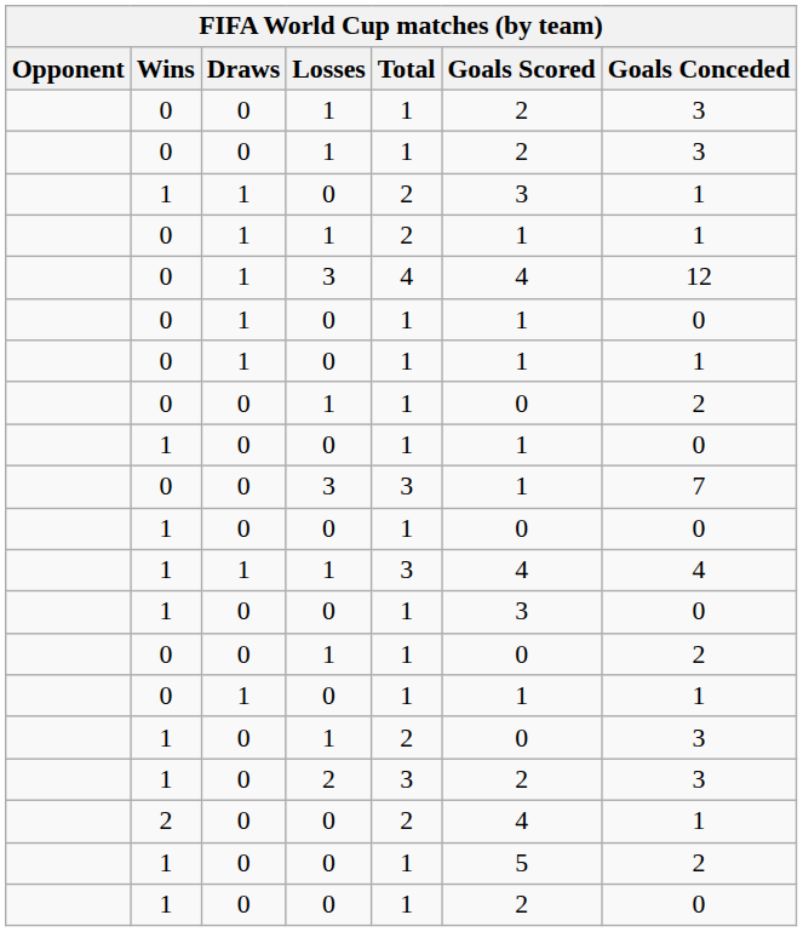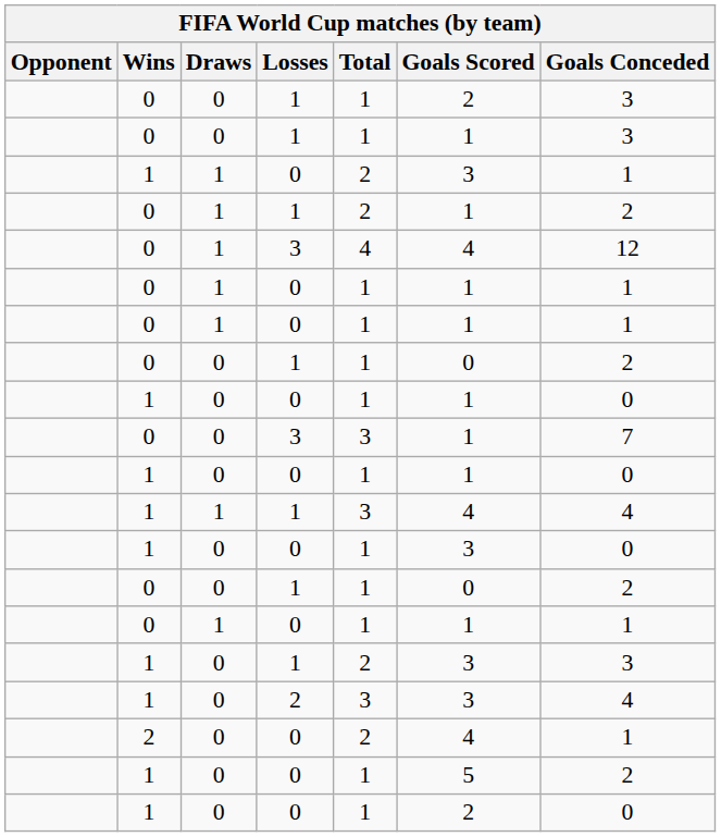 <table class="wikitable sortable" style="text-align: center;">
 <tr>
 <th colspan=7>FIFA World Cup matches (by team)</th>
 </tr>
 <tr>
 <th>Opponent</th>
 <th>Wins</th>
 <th>Draws</th>
 <th>Losses</th>
 <th>Total</th>
 <th>Goals Scored</th>
 <th>Goals Conceded</th>
 </tr>
 <tr>
 <td align="left"></td>
 <td>0</td>
 <td>0</td>
 <td>1</td>
 <td>1</td>
 <td>2</td>
 <td>3</td>
 </tr>
 <tr>
 <td align="left"></td>
 <td>0</td>
 <td>0</td>
 <td>1</td>
 <td>1</td>
-<td>2</td>
+<td>1</td>
 <td>3</td>
 </tr>
 <tr>
 <td align="left"></td>
 <td>1</td>
 <td>1</td>
 <td>0</td>
 <td>2</td>
 <td>3</td>
 <td>1</td>
 </tr>
 <tr>
 <td align="left"></td>
 <td>0</td>
 <td>1</td>
 <td>1</td>
 <td>2</td>
 <td>1</td>
-<td>1</td>
+<td>2</td>
 </tr>
 <tr>
 <td align="left"></td>
 <td>0</td>
 <td>1</td>
 <td>3</td>
 <td>4</td>
 <td>4</td>
 <td>12</td>
 </tr>
 <tr>
 <td align="left"></td>
 <td>0</td>
 <td>1</td>
 <td>0</td>
 <td>1</td>
 <td>1</td>
-<td>0</td>
+<td>1</td>
 </tr>
 <tr>
 <td align="left"></td>
 <td>0</td>
 <td>1</td>
 <td>0</td>
 <td>1</td>
 <td>1</td>
 <td>1</td>
 </tr>
 <tr>
 <td align="left"></td>
 <td>0</td>
 <td>0</td>
 <td>1</td>
 <td>1</td>
 <td>0</td>
 <td>2</td>
 </tr>
 <tr>
 <td align="left"></td>
 <td>1</td>
 <td>0</td>
 <td>0</td>
 <td>1</td>
 <td>1</td>
 <td>0</td>
 </tr>
 <tr>
 <td align="left"></td>
 <td>0</td>
 <td>0</td>
 <td>3</td>
 <td>3</td>
 <td>1</td>
 <td>7</td>
 </tr>
 <tr>
 <td align="left"></td>
 <td>1</td>
 <td>0</td>
 <td>0</td>
 <td>1</td>
-<td>0</td>
+<td>1</td>
 <td>0</td>
 </tr>
 <tr>
 <td align="left"></td>
 <td>1</td>
 <td>1</td>
 <td>1</td>
 <td>3</td>
 <td>4</td>
 <td>4</td>
 </tr>
 <tr>
 <td align="left"></td>
 <td>1</td>
 <td>0</td>
 <td>0</td>
 <td>1</td>
 <td>3</td>
 <td>0</td>
 </tr>
 <tr>
 <td align="left"></td>
 <td>0</td>
 <td>0</td>
 <td>1</td>
 <td>1</td>
 <td>0</td>
 <td>2</td>
 </tr>
 <tr>
 <td align="left"></td>
 <td>0</td>
 <td>1</td>
 <td>0</td>
 <td>1</td>
 <td>1</td>
 <td>1</td>
 </tr>
 <tr>
 <td align="left"></td>
 <td>1</td>
 <td>0</td>
 <td>1</td>
 <td>2</td>
-<td>0</td>
+<td>3</td>
 <td>3</td>
 </tr>
 <tr>
 <td align="left"></td>
 <td>1</td>
 <td>0</td>
 <td>2</td>
 <td>3</td>
-<td>2</td>
 <td>3</td>
+<td>4</td>
 </tr>
 <tr>
 <td align="left"></td>
 <td>2</td>
 <td>0</td>
 <td>0</td>
 <td>2</td>
 <td>4</td>
 <td>1</td>
 </tr>
 <tr>
 <td align="left"></td>
 <td>1</td>
 <td>0</td>
 <td>0</td>
 <td>1</td>
 <td>5</td>
 <td>2</td>
 </tr>
 <tr>
 <td align="left"></td>
 <td>1</td>
 <td>0</td>
 <td>0</td>
 <td>1</td>
 <td>2</td>
 <td>0</td>
 </tr>
 </table>
